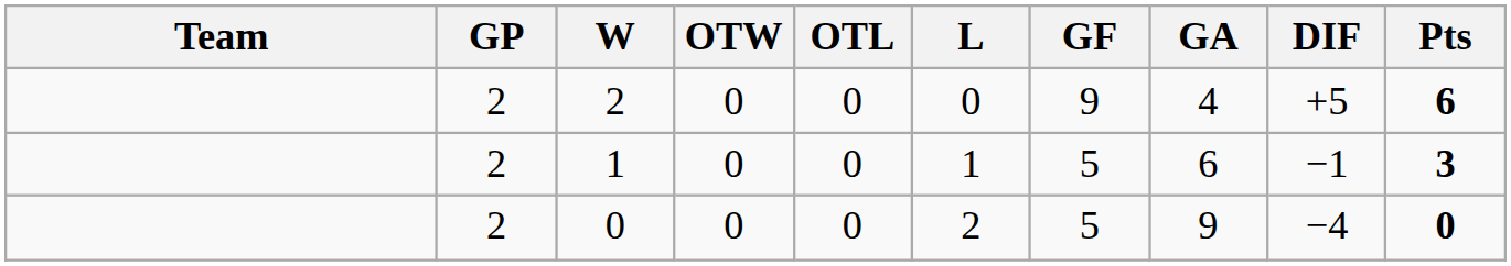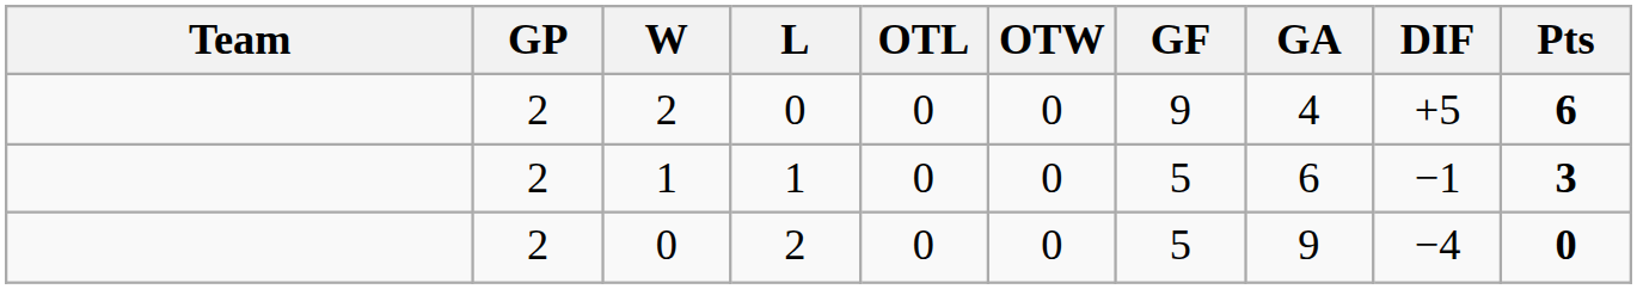 <table class="wikitable" style="text-align:center;">
 <tr>
 <th width=165>Team</th>
 <th width=40>GP</th>
 <th width=40>W</th>
+<th width=40>L</th>
+<th width=40>OTL</th>
 <th width=40>OTW</th>
-<th width=40>OTL</th>
-<th width=40>L</th>
 <th width=40>GF</th>
 <th width=40>GA</th>
 <th width=40>DIF</th>
 <th width=40>Pts</th>
 </tr>
 <tr>
 <td style="text-align:left;"></td>
 <td>2</td>
 <td>2</td>
 <td>0</td>
 <td>0</td>
 <td>0</td>
 <td>9</td>
 <td>4</td>
 <td>+5</td>
 <td><strong>6</strong></td>
 </tr>
 <tr>
 <td style="text-align:left;"></td>
 <td>2</td>
 <td>1</td>
+<td>1</td>
 <td>0</td>
 <td>0</td>
-<td>1</td>
 <td>5</td>
 <td>6</td>
 <td>−1</td>
 <td><strong>3</strong></td>
 </tr>
 <tr>
 <td style="text-align:left;"></td>
 <td>2</td>
 <td>0</td>
+<td>2</td>
 <td>0</td>
 <td>0</td>
-<td>2</td>
 <td>5</td>
 <td>9</td>
 <td>−4</td>
 <td><strong>0</strong></td>
 </tr>
 </table>
